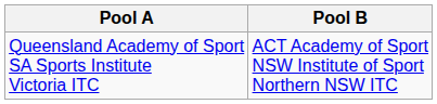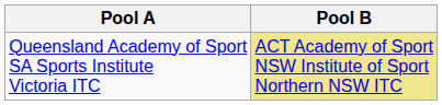 <table class="wikitable">
 <tr>
 <th>Pool A</th>
 <th>Pool B</th>
 </tr>
 <tr>
 <td><a href='#'>Queensland Academy of Sport</a><br><a href='#'>SA Sports Institute</a><br><a href='#'>Victoria ITC</a></td>
-<td><a href='#'>ACT Academy of Sport</a><br><a href='#'>NSW Institute of Sport</a><br><a href='#'>Northern NSW ITC</a></td>
+<td style="background: khaki;"><a href='#'>ACT Academy of Sport</a><br><a href='#'>NSW Institute of Sport</a><br><a href='#'>Northern NSW ITC</a></td>
 </tr>
 </table>
